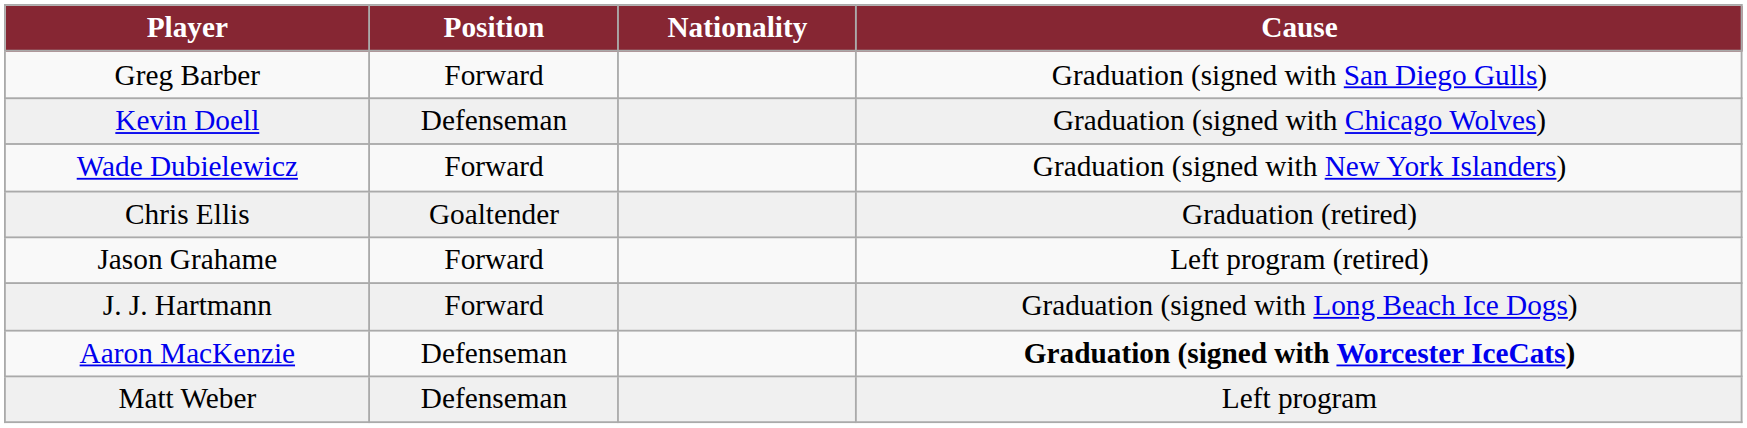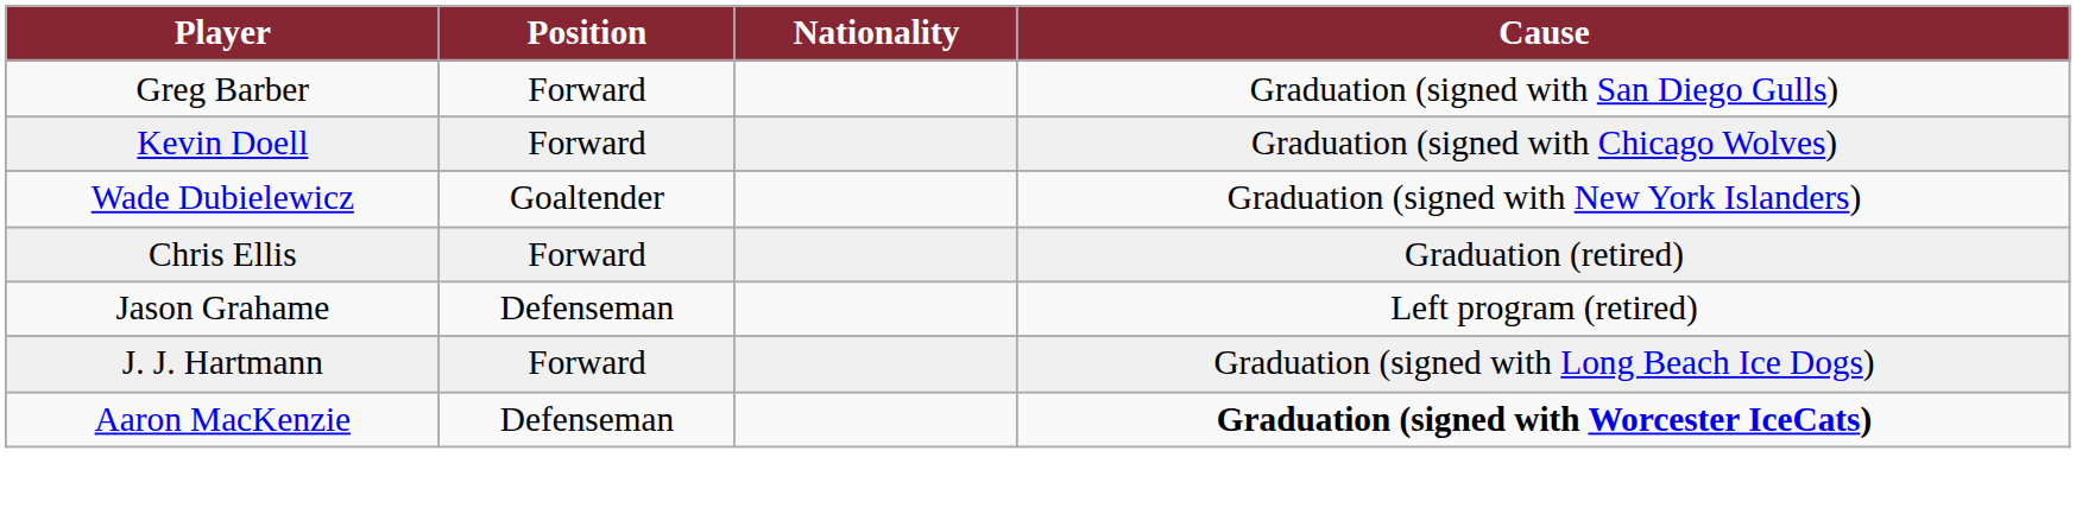 <table class="wikitable" width="60%">
 <tr>
 <th style="color:white; background:#862633; ">Player</th>
 <th style="color:white; background:#862633; ">Position</th>
 <th style="color:white; background:#862633; ">Nationality</th>
 <th style="color:white; background:#862633; ">Cause</th>
 </tr>
 <tr align="center" bgcolor="">
 <td>Greg Barber</td>
 <td>Forward</td>
 <td></td>
 <td>Graduation (signed with <a href='#'>San Diego Gulls</a>)</td>
 </tr>
 <tr align="center" bgcolor="f0f0f0">
 <td><a href='#'>Kevin Doell</a></td>
-<td>Defenseman</td>
+<td>Forward</td>
 <td></td>
 <td>Graduation (signed with <a href='#'>Chicago Wolves</a>)</td>
 </tr>
 <tr align="center" bgcolor="">
 <td><a href='#'>Wade Dubielewicz</a></td>
-<td>Forward</td>
+<td>Goaltender</td>
 <td></td>
 <td>Graduation (signed with <a href='#'>New York Islanders</a>)</td>
 </tr>
 <tr align="center" bgcolor="f0f0f0">
 <td>Chris Ellis</td>
-<td>Goaltender</td>
+<td>Forward</td>
 <td></td>
 <td>Graduation (retired)</td>
 </tr>
 <tr align="center" bgcolor="">
 <td>Jason Grahame</td>
-<td>Forward</td>
+<td>Defenseman</td>
 <td></td>
 <td>Left program (retired)</td>
 </tr>
 <tr align="center" bgcolor="f0f0f0">
 <td>J. J. Hartmann</td>
 <td>Forward</td>
 <td></td>
 <td>Graduation (signed with <a href='#'>Long Beach Ice Dogs</a>)</td>
 </tr>
 <tr align="center" bgcolor="">
 <td><a href='#'>Aaron MacKenzie</a></td>
 <td>Defenseman</td>
 <td></td>
 <td><strong>Graduation (signed with <a href='#'>Worcester IceCats</a>)</strong></td>
 </tr>
-<tr align="center" bgcolor="f0f0f0">
-<td>Matt Weber</td>
-<td>Defenseman</td>
-<td></td>
-<td>Left program</td>
-</tr>
 </table>
